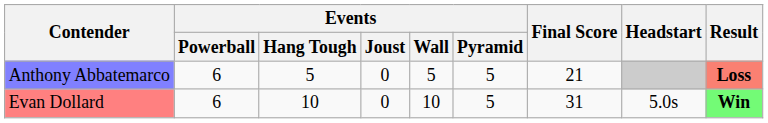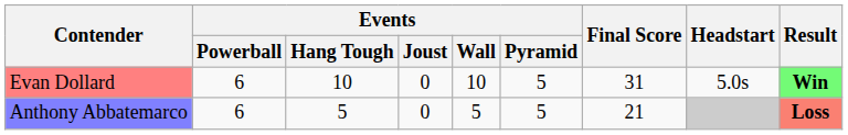 <table class="wikitable" style="text-align:center;">
 <tr>
 <th rowspan=2>Contender</th>
 <th colspan=5>Events</th>
 <th rowspan=2>Final Score</th>
 <th rowspan=2>Headstart</th>
 <th rowspan=2>Result</th>
 </tr>
 <tr>
 <th>Powerball</th>
 <th>Hang Tough</th>
 <th>Joust</th>
 <th>Wall</th>
 <th>Pyramid</th>
 </tr>
 <tr>
+<td bgcolor=#ff8080 style="text-align:left;">Evan Dollard</td>
+<td>6</td>
+<td>10</td>
+<td>0</td>
+<td>10</td>
+<td>5</td>
+<td>31</td>
+<td>5.0s</td>
+<td style="text-align:center; background:#73fb76;"><strong>Win</strong></td>
+</tr>
+<tr>
 <td bgcolor=#8080ff style="text-align:left;">Anthony Abbatemarco</td>
 <td>6</td>
 <td>5</td>
 <td>0</td>
 <td>5</td>
 <td>5</td>
 <td>21</td>
 <td style="background:#ccc"></td>
 <td style="text-align:center; background:salmon;"><strong>Loss</strong></td>
 </tr>
-<tr>
-<td bgcolor=#ff8080 style="text-align:left;">Evan Dollard</td>
-<td>6</td>
-<td>10</td>
-<td>0</td>
-<td>10</td>
-<td>5</td>
-<td>31</td>
-<td>5.0s</td>
-<td style="text-align:center; background:#73fb76;"><strong>Win</strong></td>
-</tr>
 </table>
